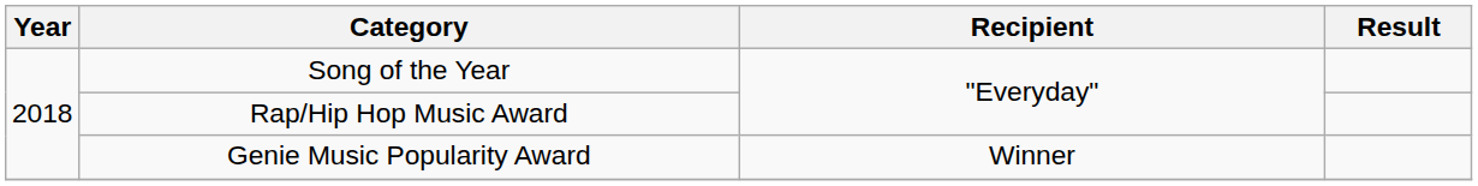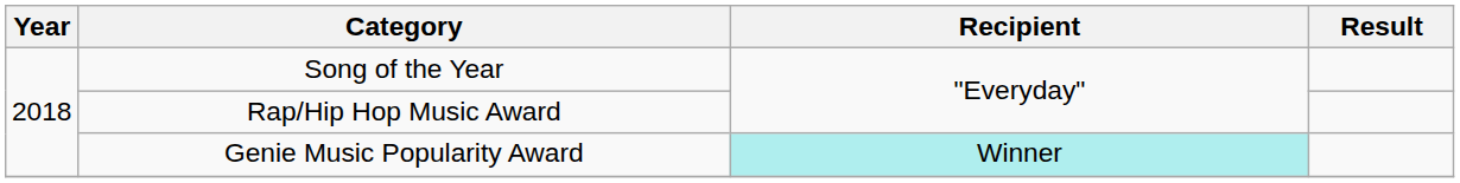 <table class="wikitable" style="text-align:center">
 <tr>
 <th width="5%">Year</th>
 <th width="45%">Category</th>
 <th width="40%">Recipient</th>
 <th width="10%">Result</th>
 </tr>
 <tr>
 <td rowspan=3>2018</td>
 <td>Song of the Year</td>
 <td rowspan=2>"Everyday"</td>
 <td></td>
 </tr>
 <tr>
 <td>Rap/Hip Hop Music Award</td>
 <td></td>
 </tr>
 <tr>
 <td>Genie Music Popularity Award</td>
-<td>Winner</td>
+<td style="background: paleturquoise;">Winner</td>
 <td></td>
 </tr>
 <tr>
 </tr>
 </table>
